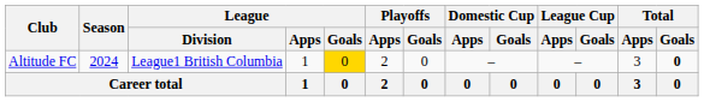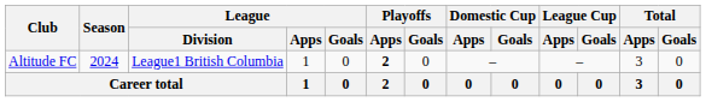 <table class="wikitable" style="text-align: center">
 <tr>
 <th rowspan="2">Club</th>
 <th rowspan="2">Season</th>
 <th colspan="3">League</th>
 <th colspan="2">Playoffs</th>
 <th colspan="2">Domestic Cup</th>
 <th colspan="2">League Cup</th>
 <th colspan="2">Total</th>
 </tr>
 <tr>
 <th>Division</th>
 <th>Apps</th>
 <th>Goals</th>
 <th>Apps</th>
 <th>Goals</th>
 <th>Apps</th>
 <th>Goals</th>
 <th>Apps</th>
 <th>Goals</th>
 <th>Apps</th>
 <th>Goals</th>
 </tr>
 <tr>
 <td><a href='#'>Altitude FC</a></td>
 <td><a href='#'>2024</a></td>
 <td><a href='#'>League1 British Columbia</a></td>
 <td>1</td>
-<td style="background: gold;">0</td>
-<td>2</td>
+<td>0</td>
+<td><strong>2</strong></td>
 <td>0</td>
 <td colspan="2">–</td>
 <td colspan="2">–</td>
 <td>3</td>
-<td><strong>0</strong></td>
+<td>0</td>
 </tr>
 <tr>
 <th colspan="3"><strong>Career total</strong></th>
 <th>1</th>
 <th>0</th>
 <th>2</th>
 <th>0</th>
 <th>0</th>
 <th>0</th>
 <th>0</th>
 <th>0</th>
 <th>3</th>
 <th>0</th>
 </tr>
 </table>
